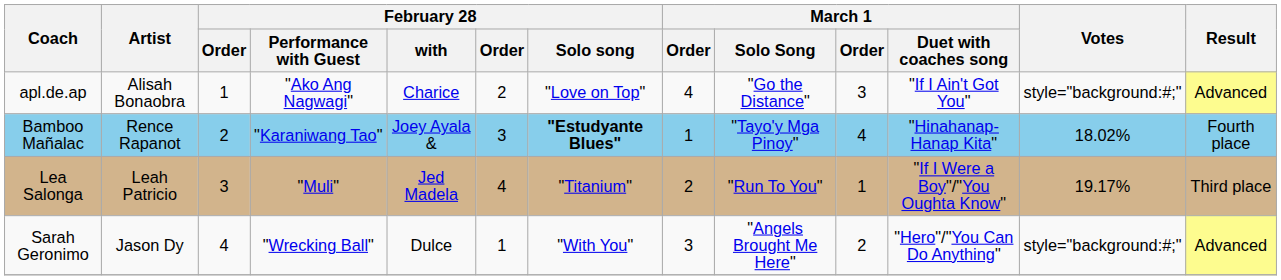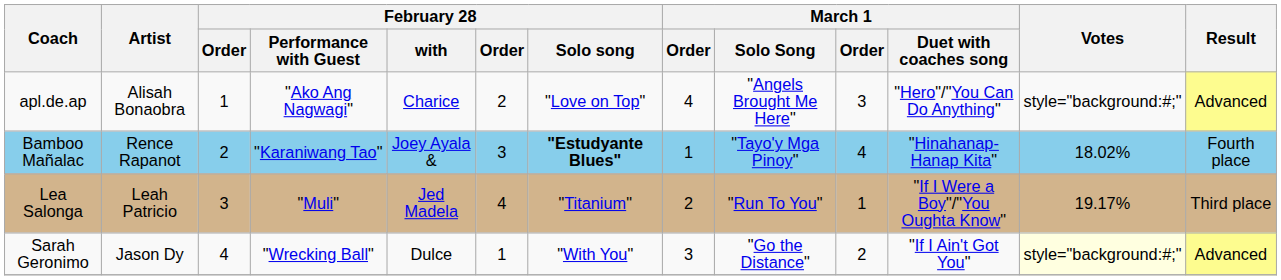 <table class="wikitable" style="text-align:center; line-height:17px; width:auto;">
 <tr>
 <th width="09%" rowspan="2">Coach</th>
 <th width="09%" rowspan="2">Artist</th>
 <th colspan="5">February 28</th>
 <th colspan="4">March 1</th>
 <th width="05%" rowspan="2">Votes</th>
 <th width="08%" rowspan="2">Result</th>
 </tr>
 <tr>
 <th width="02%">Order</th>
 <th width="13%">Performance with Guest</th>
 <th width="09%">with</th>
 <th width="02%">Order</th>
 <th width="13%">Solo song</th>
 <th width="02%">Order</th>
 <th width="13%">Solo Song</th>
 <th width="02%">Order</th>
 <th width="13%">Duet with coaches song</th>
 </tr>
 <tr>
 <td>apl.de.ap</td>
 <td style="background:#;">Alisah Bonaobra</td>
 <td style="background:#;">1</td>
 <td style="background:#;">"<a href='#'>Ako Ang Nagwagi</a>"</td>
 <td style="background:#;"><a href='#'>Charice</a></td>
 <td style="background:#;">2</td>
 <td style="background:#;">"<a href='#'>Love on Top</a>"</td>
 <td style="background:#;">4</td>
-<td style="background:#;">"<a href='#'>Go the Distance</a>"</td>
+<td style="background:#;">"<a href='#'>Angels Brought Me Here</a>"</td>
 <td style="background:#;">3</td>
-<td style="background:#;">"<a href='#'>If I Ain't Got You</a>"</td>
+<td style="background:#;">"<a href='#'>Hero</a>"/"<a href='#'>You Can Do Anything</a>"</td>
 <td>style="background:#;" </td>
 <td style="background:#fdfc8f;">Advanced</td>
 </tr>
 <tr>
 <td style="background:skyblue;">Bamboo Mañalac</td>
 <td style="background:skyblue;">Rence Rapanot</td>
 <td style="background:skyblue;">2</td>
 <td style="background:skyblue;">"<a href='#'>Karaniwang Tao</a>"</td>
 <td style="background:skyblue;"><a href='#'>Joey Ayala</a> &<br></td>
 <td style="background:skyblue;">3</td>
 <td style="background:skyblue;"><strong>"Estudyante Blues"</strong></td>
 <td style="background:skyblue;">1</td>
 <td style="background:skyblue;">"<a href='#'>Tayo'y Mga Pinoy</a>"</td>
 <td style="background:skyblue;">4</td>
 <td style="background:skyblue;">"<a href='#'>Hinahanap-Hanap Kita</a>"</td>
 <td style="background:skyblue;">18.02%</td>
 <td style="background:skyblue;">Fourth place</td>
 </tr>
 <tr>
 <td style="background:tan;">Lea Salonga</td>
 <td style="background:tan;">Leah Patricio</td>
 <td style="background:tan;">3</td>
 <td style="background:tan;">"<a href='#'>Muli</a>"</td>
 <td style="background:tan;"><a href='#'>Jed Madela</a></td>
 <td style="background:tan;">4</td>
 <td style="background:tan;">"<a href='#'>Titanium</a>"</td>
 <td style="background:tan;">2</td>
 <td style="background:tan;">"<a href='#'>Run To You</a>"</td>
 <td style="background:tan;">1</td>
 <td style="background:tan;">"<a href='#'>If I Were a Boy</a>"/"<a href='#'>You Oughta Know</a>"</td>
 <td style="background:tan;">19.17%</td>
 <td style="background:tan;">Third place</td>
 </tr>
 <tr>
 <td>Sarah Geronimo</td>
 <td style="background:#;">Jason Dy</td>
 <td style="background:#;">4</td>
 <td style="background:#;">"<a href='#'>Wrecking Ball</a>"</td>
 <td style="background:#;">Dulce</td>
 <td style="background:#;">1</td>
 <td style="background:#;">"<a href='#'>With You</a>"</td>
 <td style="background:#;">3</td>
-<td style="background:#;">"<a href='#'>Angels Brought Me Here</a>"</td>
+<td style="background:#;">"<a href='#'>Go the Distance</a>"</td>
 <td style="background:#;">2</td>
-<td style="background:#;">"<a href='#'>Hero</a>"/"<a href='#'>You Can Do Anything</a>"</td>
-<td>style="background:#;" </td>
+<td style="background:#;">"<a href='#'>If I Ain't Got You</a>"</td>
+<td style="background: lightyellow;">style="background:#;" </td>
 <td style="background:#fdfc8f;">Advanced</td>
 </tr>
 <tr>
 </tr>
 </table>
